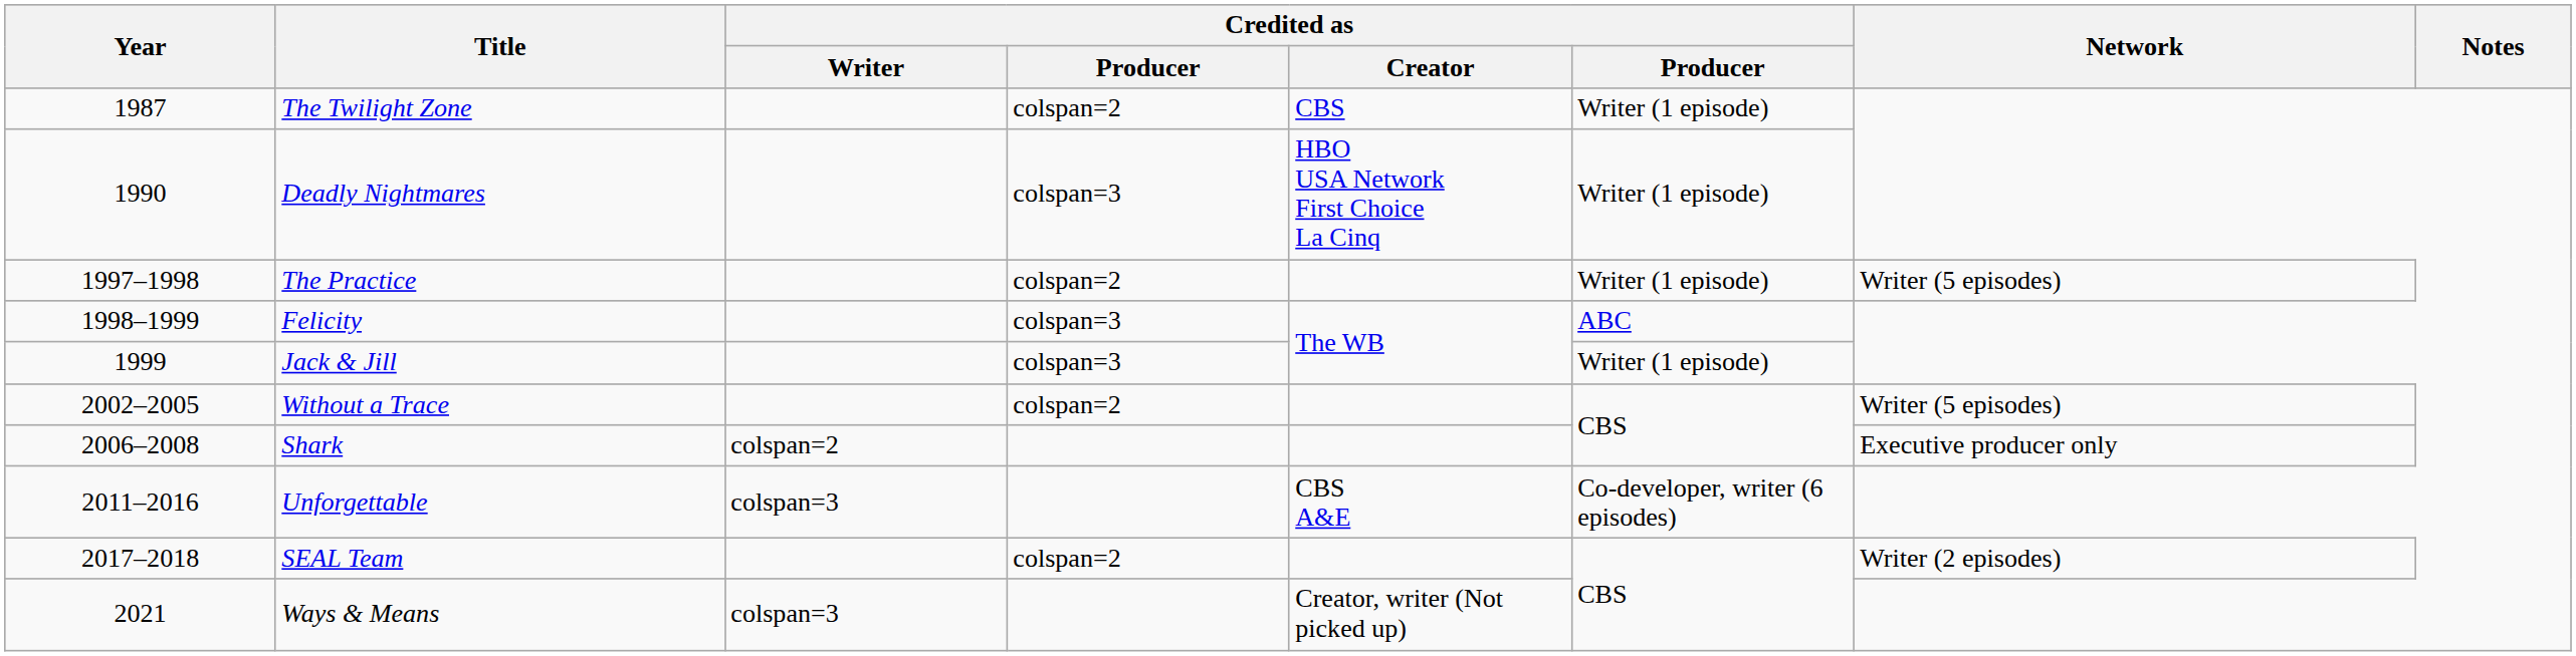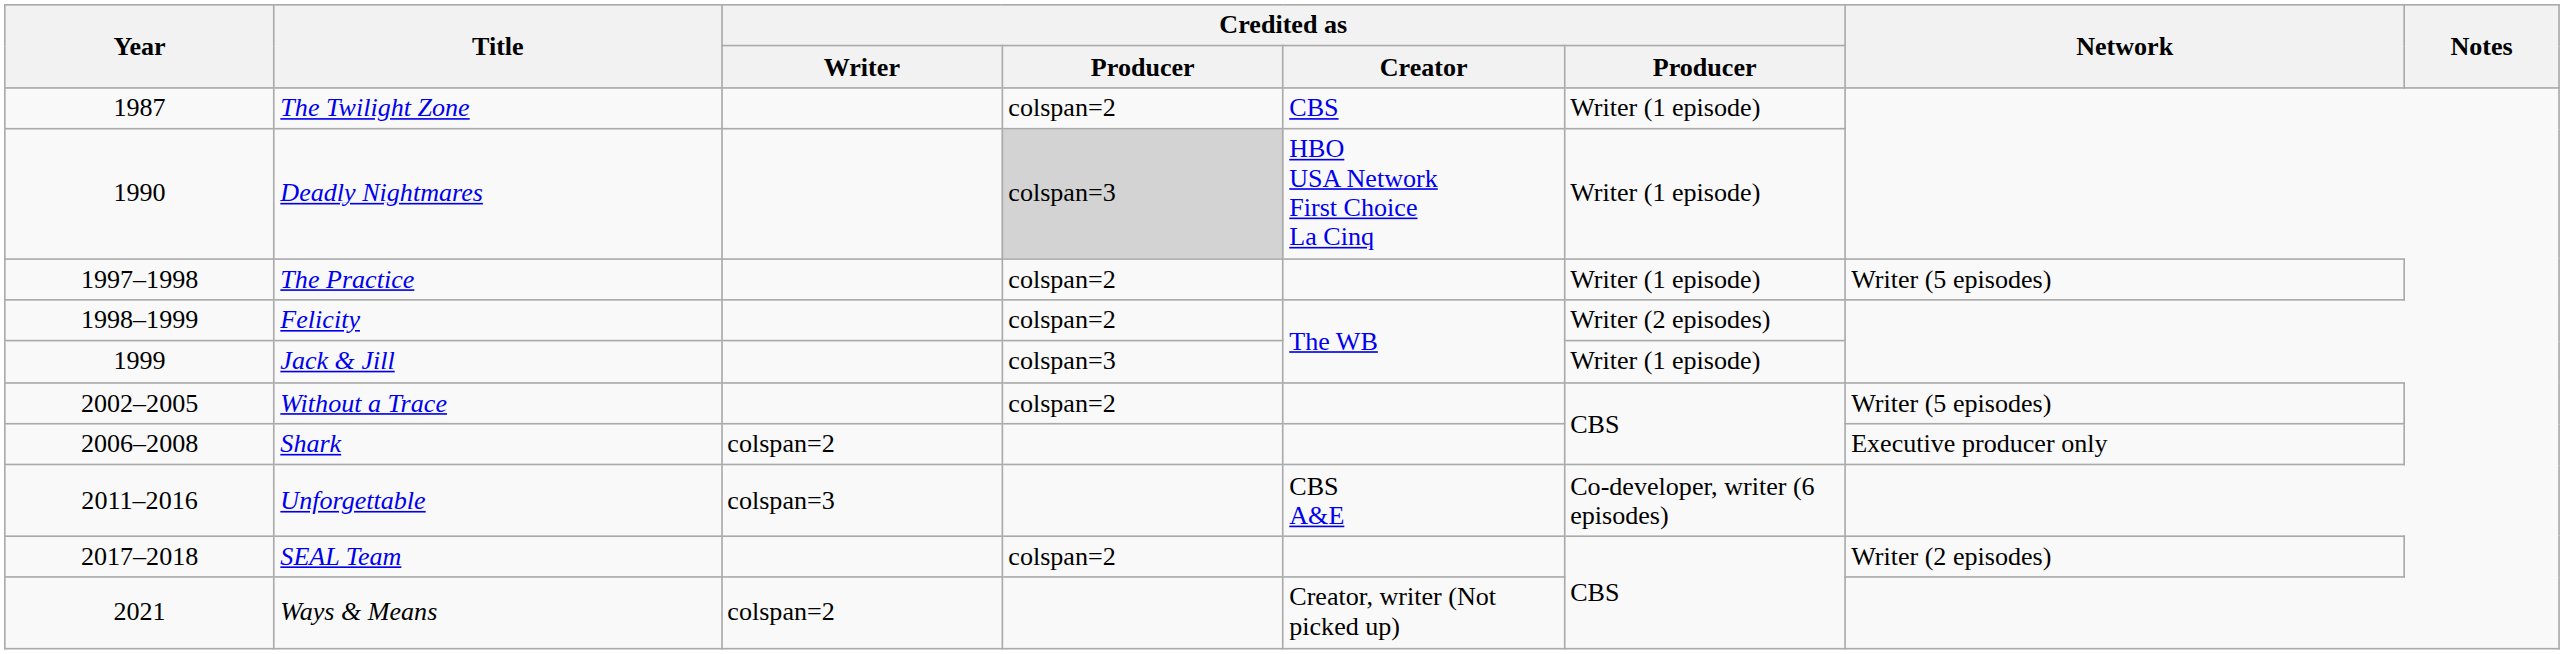 <table class="wikitable sortable">
 <tr>
 <th rowspan="2">Year</th>
 <th rowspan="2">Title</th>
 <th colspan="4">Credited as</th>
 <th rowspan="2">Network</th>
 <th rowspan="2">Notes</th>
 </tr>
 <tr>
 <th width="11%">Writer</th>
 <th width="11%"> Producer</th>
 <th width="11%">Creator</th>
 <th width="11%">Producer</th>
 </tr>
 <tr>
 <td style="text-align:center;">1987</td>
 <td><em><a href='#'>The Twilight Zone</a></em></td>
 <td></td>
 <td>colspan=2 </td>
 <td><a href='#'>CBS</a></td>
 <td>Writer (1 episode)</td>
 </tr>
 <tr>
 <td style="text-align:center;">1990</td>
 <td><em><a href='#'>Deadly Nightmares</a></em></td>
 <td></td>
-<td>colspan=3 </td>
+<td style="background: lightgrey;">colspan=3 </td>
 <td><a href='#'>HBO</a> <br> <a href='#'>USA Network</a> <br> <a href='#'>First Choice</a> <br> <a href='#'>La Cinq</a></td>
 <td>Writer (1 episode)</td>
 </tr>
 <tr>
 <td style="text-align:center;">1997–1998</td>
 <td><em><a href='#'>The Practice</a></em></td>
 <td></td>
 <td>colspan=2 </td>
 <td></td>
 <td>Writer (1 episode)</td>
 <td>Writer (5 episodes)</td>
 </tr>
 <tr>
 <td style="text-align:center;">1998–1999</td>
 <td><em><a href='#'>Felicity</a></em></td>
 <td></td>
-<td>colspan=3 </td>
+<td>colspan=2 </td>
 <td rowspan="2"><a href='#'>The WB</a></td>
-<td><a href='#'>ABC</a></td>
+<td>Writer (2 episodes)</td>
 </tr>
 <tr>
 <td style="text-align:center;">1999</td>
 <td><em><a href='#'>Jack & Jill</a></em></td>
 <td></td>
 <td>colspan=3 </td>
 <td>Writer (1 episode)</td>
 </tr>
 <tr>
 <td style="text-align:center;">2002–2005</td>
 <td><em><a href='#'>Without a Trace</a></em></td>
 <td></td>
 <td>colspan=2 </td>
 <td></td>
 <td rowspan="2">CBS</td>
 <td>Writer (5 episodes)</td>
 </tr>
 <tr>
 <td style="text-align:center;">2006–2008</td>
 <td><em><a href='#'>Shark</a></em></td>
 <td>colspan=2 </td>
 <td></td>
 <td></td>
 <td>Executive producer only</td>
 </tr>
 <tr>
 <td style="text-align:center;">2011–2016</td>
 <td><em><a href='#'>Unforgettable</a></em></td>
 <td>colspan=3 </td>
 <td></td>
 <td>CBS <br> <a href='#'>A&E</a></td>
 <td>Co-developer, writer (6 episodes)</td>
 </tr>
 <tr>
 <td style="text-align:center;">2017–2018</td>
 <td><em><a href='#'>SEAL Team</a></em></td>
 <td></td>
 <td>colspan=2 </td>
 <td></td>
 <td rowspan="2">CBS</td>
 <td>Writer (2 episodes)</td>
 </tr>
 <tr>
 <td style="text-align:center;">2021</td>
 <td><em>Ways & Means</em></td>
-<td>colspan=3 </td>
+<td>colspan=2 </td>
 <td></td>
 <td>Creator, writer (Not picked up)</td>
 </tr>
 </table>
